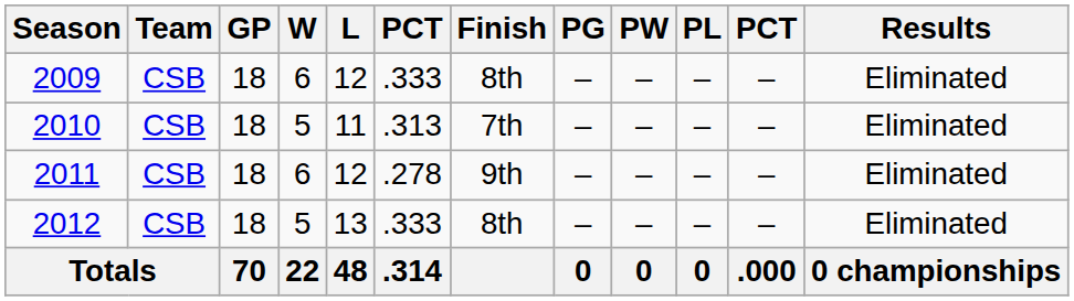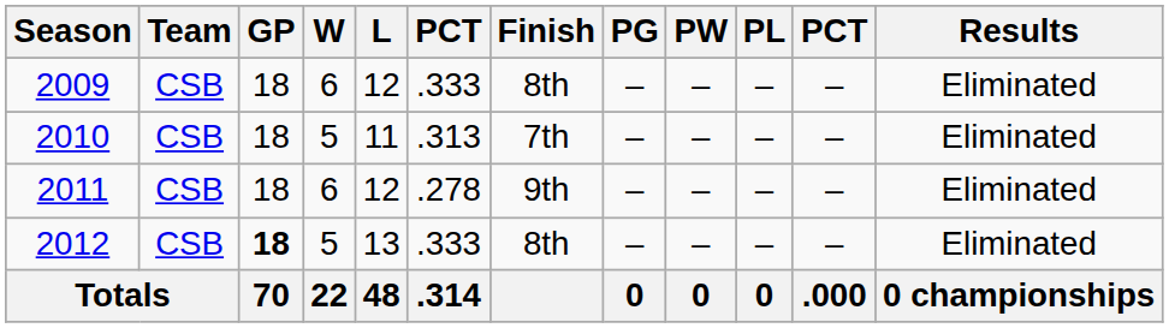 <table class=wikitable style="text-align:center">
 <tr>
 <th>Season</th>
 <th>Team</th>
 <th>GP</th>
 <th>W</th>
 <th>L</th>
 <th>PCT</th>
 <th>Finish</th>
 <th>PG</th>
 <th>PW</th>
 <th>PL</th>
 <th>PCT</th>
 <th>Results</th>
 </tr>
 <tr>
 <td><a href='#'>2009</a></td>
 <td><a href='#'>CSB</a></td>
 <td>18</td>
 <td>6</td>
 <td>12</td>
 <td>.333</td>
 <td>8th</td>
 <td>–</td>
 <td>–</td>
 <td>–</td>
 <td>–</td>
 <td>Eliminated</td>
 </tr>
 <tr>
 <td><a href='#'>2010</a></td>
 <td><a href='#'>CSB</a></td>
 <td>18</td>
 <td>5</td>
 <td>11</td>
 <td>.313</td>
 <td>7th</td>
 <td>–</td>
 <td>–</td>
 <td>–</td>
 <td>–</td>
 <td>Eliminated</td>
 </tr>
 <tr>
 <td><a href='#'>2011</a></td>
 <td><a href='#'>CSB</a></td>
 <td>18</td>
 <td>6</td>
 <td>12</td>
 <td>.278</td>
 <td>9th</td>
 <td>–</td>
 <td>–</td>
 <td>–</td>
 <td>–</td>
 <td>Eliminated</td>
 </tr>
 <tr>
 <td><a href='#'>2012</a></td>
 <td><a href='#'>CSB</a></td>
-<td>18</td>
+<td><strong>18</strong></td>
 <td>5</td>
 <td>13</td>
 <td>.333</td>
 <td>8th</td>
 <td>–</td>
 <td>–</td>
 <td>–</td>
 <td>–</td>
 <td>Eliminated</td>
 </tr>
 <tr>
 <th colspan="2">Totals</th>
 <th>70</th>
 <th>22</th>
 <th>48</th>
 <th>.314</th>
 <th></th>
 <th>0</th>
 <th>0</th>
 <th>0</th>
 <th>.000</th>
 <th>0 championships</th>
 </tr>
 </table>
